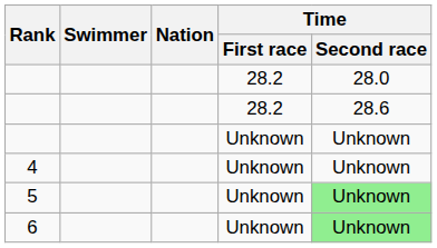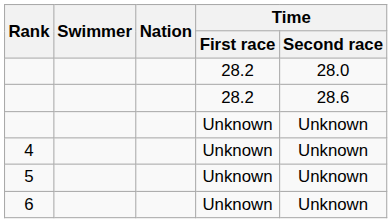 <table class="wikitable sortable" style="text-align:center">
 <tr>
 <th rowspan=2>Rank</th>
 <th rowspan=2>Swimmer</th>
 <th rowspan=2>Nation</th>
 <th colspan=2>Time</th>
 </tr>
 <tr>
 <th>First race</th>
 <th>Second race</th>
 </tr>
 <tr>
 <td></td>
 <td align=left></td>
 <td align=left></td>
 <td>28.2</td>
 <td>28.0</td>
 </tr>
 <tr>
 <td></td>
 <td align=left></td>
 <td align=left></td>
 <td>28.2</td>
 <td>28.6</td>
 </tr>
 <tr>
 <td></td>
 <td align=left></td>
 <td align=left></td>
 <td>Unknown</td>
 <td>Unknown</td>
 </tr>
 <tr>
 <td>4</td>
 <td align=left></td>
 <td align=left></td>
 <td>Unknown</td>
 <td>Unknown</td>
 </tr>
 <tr>
 <td>5</td>
 <td align=left></td>
 <td align=left></td>
 <td>Unknown</td>
-<td style="background: lightgreen;">Unknown</td>
+<td>Unknown</td>
 </tr>
 <tr>
 <td>6</td>
 <td align=left></td>
 <td align=left></td>
 <td>Unknown</td>
-<td style="background: lightgreen;">Unknown</td>
+<td>Unknown</td>
 </tr>
 </table>
